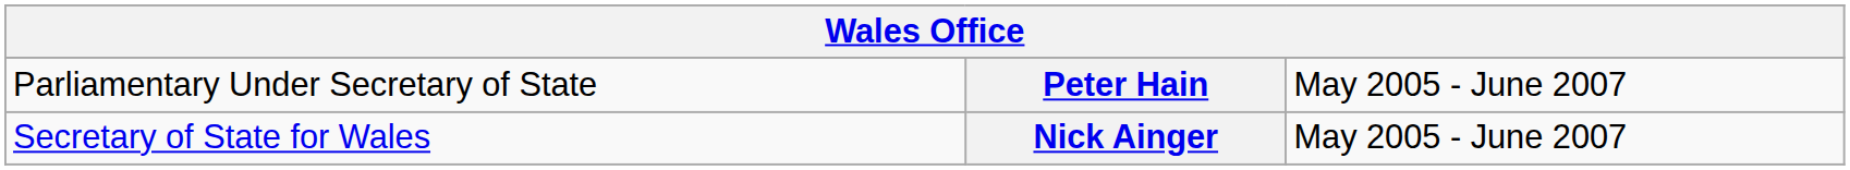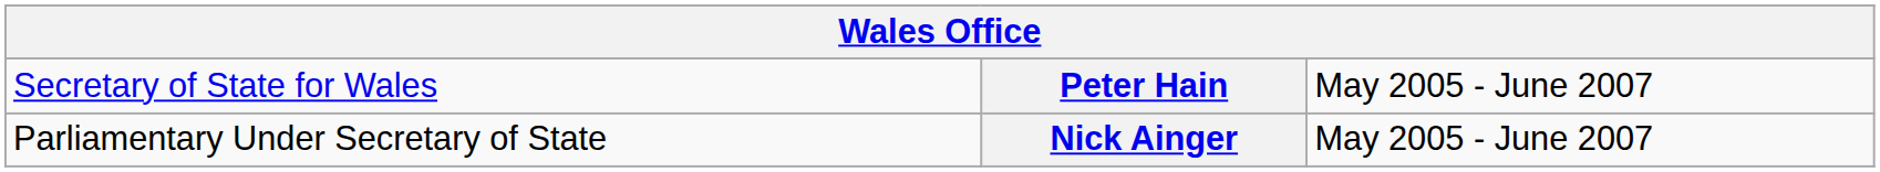 <table class="wikitable plainrowheaders" width=100% style="max-width:55em;">
 <tr>
 <th colspan=4><a href='#'>Wales Office</a></th>
 </tr>
 <tr>
-<td>Parliamentary Under Secretary of State</td>
+<td><a href='#'>Secretary of State for Wales</a></td>
 <th scope="row" style="font-weight:bold;"><a href='#'>Peter Hain</a></th>
 <td>May 2005 - June 2007</td>
 </tr>
 <tr>
-<td><a href='#'>Secretary of State for Wales</a></td>
+<td>Parliamentary Under Secretary of State</td>
 <th scope="row"><a href='#'>Nick Ainger</a></th>
 <td>May 2005 - June 2007</td>
 </tr>
 </table>
